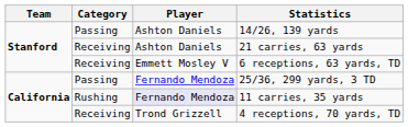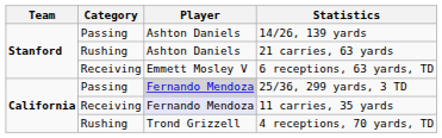 <table class="wikitable" style="float: right;">
 <tr>
 <th>Team</th>
 <th>Category</th>
 <th>Player</th>
 <th>Statistics</th>
 </tr>
 <tr>
 <td rowspan=3><strong>Stanford</strong></td>
 <td>Passing</td>
 <td>Ashton Daniels</td>
 <td>14/26, 139 yards</td>
 </tr>
 <tr>
-<td>Receiving</td>
+<td>Rushing</td>
 <td>Ashton Daniels</td>
 <td>21 carries, 63 yards</td>
 </tr>
 <tr>
 <td>Receiving</td>
 <td>Emmett Mosley V</td>
 <td>6 receptions, 63 yards, TD</td>
 </tr>
 <tr>
 <td rowspan=3><strong>California</strong></td>
 <td>Passing</td>
-<td><a href='#'>Fernando Mendoza</a></td>
+<td style="background: lightgrey;"><a href='#'>Fernando Mendoza</a></td>
 <td>25/36, 299 yards, 3 TD</td>
 </tr>
 <tr>
-<td>Rushing</td>
+<td>Receiving</td>
 <td style="background: lavender;">Fernando Mendoza</td>
 <td>11 carries, 35 yards</td>
 </tr>
 <tr>
-<td>Receiving</td>
+<td>Rushing</td>
 <td>Trond Grizzell</td>
 <td>4 receptions, 70 yards, TD</td>
 </tr>
 </table>
